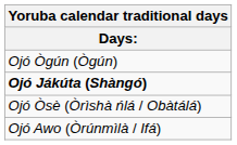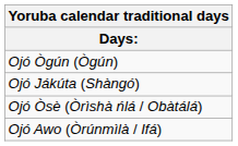 <table class="wikitable">
 <tr>
 <th>Yoruba calendar traditional days</th>
 </tr>
 <tr>
 <th>Days:</th>
 </tr>
 <tr>
 <td><em>Ojó Ògún</em> (<em>Ògún</em>)</td>
 </tr>
 <tr>
-<td><strong><em>Ojó Jákúta</em> (<em>Shàngó</em>)</strong></td>
+<td><em>Ojó Jákúta</em> (<em>Shàngó</em>)</td>
 </tr>
 <tr>
 <td><em>Ojó Òsè</em> (<em>Òrìshà ńlá</em> / <em>Obàtálá</em>)</td>
 </tr>
 <tr>
 <td><em>Ojó Awo</em> (<em>Òrúnmìlà</em> / <em>Ifá</em>)</td>
 </tr>
 </table>
